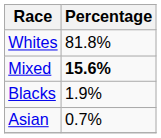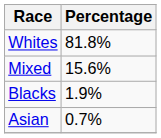 <table class="wikitable">
 <tr>
 <th>Race</th>
 <th>Percentage</th>
 </tr>
 <tr>
 <td><a href='#'>Whites</a></td>
 <td>81.8%</td>
 </tr>
 <tr>
 <td><a href='#'>Mixed</a></td>
-<td><strong>15.6%</strong></td>
+<td>15.6%</td>
 </tr>
 <tr>
 <td><a href='#'>Blacks</a></td>
 <td>1.9%</td>
 </tr>
 <tr>
 <td><a href='#'>Asian</a></td>
 <td>0.7%</td>
 </tr>
 <tr>
 </tr>
 </table>
